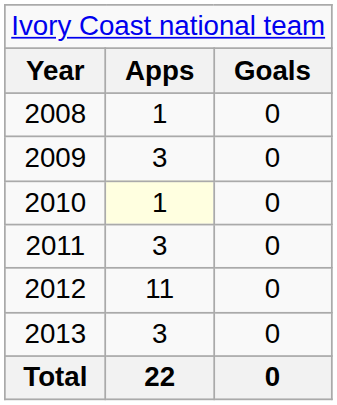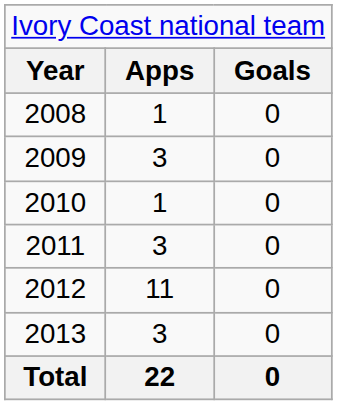 <table class="wikitable" style="text-align:center">
 <tr>
 <td colspan="3"><a href='#'>Ivory Coast national team</a></td>
 </tr>
 <tr>
 <th>Year</th>
 <th>Apps</th>
 <th>Goals</th>
 </tr>
 <tr>
 <td>2008</td>
 <td>1</td>
 <td>0</td>
 </tr>
 <tr>
 <td>2009</td>
 <td>3</td>
 <td>0</td>
 </tr>
 <tr>
 <td>2010</td>
-<td style="background: lightyellow;">1</td>
+<td>1</td>
 <td>0</td>
 </tr>
 <tr>
 <td>2011</td>
 <td>3</td>
 <td>0</td>
 </tr>
 <tr>
 <td>2012</td>
 <td>11</td>
 <td>0</td>
 </tr>
 <tr>
 <td>2013</td>
 <td>3</td>
 <td>0</td>
 </tr>
 <tr>
 <th>Total</th>
 <th>22</th>
 <th>0</th>
 </tr>
 </table>
